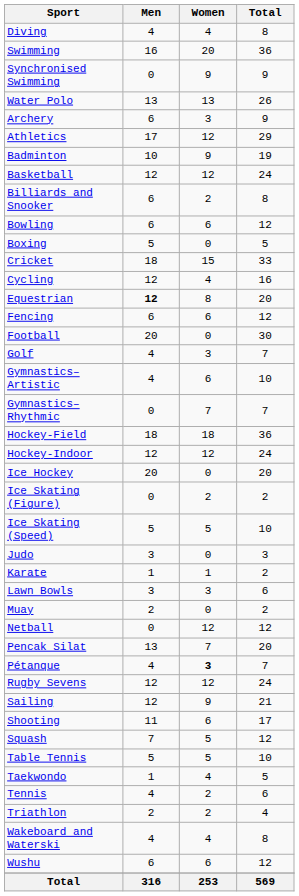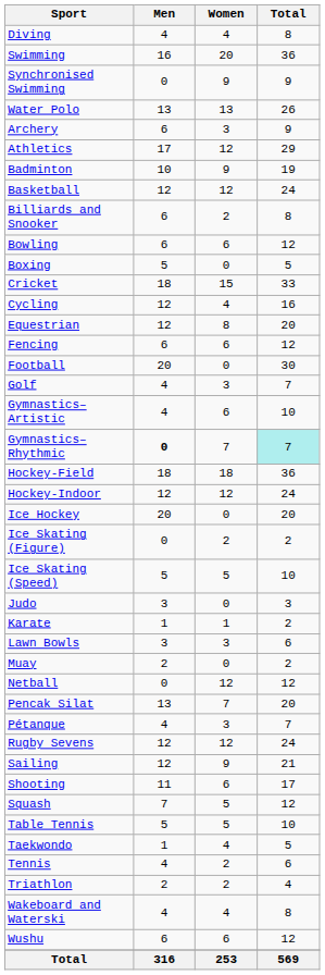 <table class="wikitable sortable" style="font-size:90%; text-align:center;">
 <tr>
 <th width=120>Sport</th>
 <th width=55>Men</th>
 <th width=55>Women</th>
 <th width=55>Total</th>
 </tr>
 <tr>
 <td align=left><a href='#'>Diving</a></td>
 <td>4</td>
 <td>4</td>
 <td>8</td>
 </tr>
 <tr>
 <td align=left><a href='#'>Swimming</a></td>
 <td>16</td>
 <td>20</td>
 <td>36</td>
 </tr>
 <tr>
 <td align=left><a href='#'>Synchronised Swimming</a></td>
 <td>0</td>
 <td>9</td>
 <td>9</td>
 </tr>
 <tr>
 <td align=left><a href='#'>Water Polo</a></td>
 <td>13</td>
 <td>13</td>
 <td>26</td>
 </tr>
 <tr>
 <td align=left><a href='#'>Archery</a></td>
 <td>6</td>
 <td>3</td>
 <td>9</td>
 </tr>
 <tr>
 <td align=left><a href='#'>Athletics</a></td>
 <td>17</td>
 <td>12</td>
 <td>29</td>
 </tr>
 <tr>
 <td align=left><a href='#'>Badminton</a></td>
 <td>10</td>
 <td>9</td>
 <td>19</td>
 </tr>
 <tr>
 <td align=left><a href='#'>Basketball</a></td>
 <td>12</td>
 <td>12</td>
 <td>24</td>
 </tr>
 <tr>
 <td align=left><a href='#'>Billiards and Snooker</a></td>
 <td>6</td>
 <td>2</td>
 <td>8</td>
 </tr>
 <tr>
 <td align=left><a href='#'>Bowling</a></td>
 <td>6</td>
 <td>6</td>
 <td>12</td>
 </tr>
 <tr>
 <td align=left><a href='#'>Boxing</a></td>
 <td>5</td>
 <td>0</td>
 <td>5</td>
 </tr>
 <tr>
 <td align=left><a href='#'>Cricket</a></td>
 <td>18</td>
 <td>15</td>
 <td>33</td>
 </tr>
 <tr>
 <td align=left><a href='#'>Cycling</a></td>
 <td>12</td>
 <td>4</td>
 <td>16</td>
 </tr>
 <tr>
 <td align=left><a href='#'>Equestrian</a></td>
-<td><strong>12</strong></td>
+<td>12</td>
 <td>8</td>
 <td>20</td>
 </tr>
 <tr>
 <td align=left><a href='#'>Fencing</a></td>
 <td>6</td>
 <td>6</td>
 <td>12</td>
 </tr>
 <tr>
 <td align=left><a href='#'>Football</a></td>
 <td>20</td>
 <td>0</td>
 <td>30</td>
 </tr>
 <tr>
 <td align=left><a href='#'>Golf</a></td>
 <td>4</td>
 <td>3</td>
 <td>7</td>
 </tr>
 <tr>
 <td align=left><a href='#'>Gymnastics–Artistic</a></td>
 <td>4</td>
 <td>6</td>
 <td>10</td>
 </tr>
 <tr>
 <td align=left><a href='#'>Gymnastics–Rhythmic</a></td>
-<td>0</td>
+<td><strong>0</strong></td>
 <td>7</td>
-<td>7</td>
+<td style="background: paleturquoise;">7</td>
 </tr>
 <tr>
 <td align=left><a href='#'>Hockey-Field</a></td>
 <td>18</td>
 <td>18</td>
 <td>36</td>
 </tr>
 <tr>
 <td align=left><a href='#'>Hockey-Indoor</a></td>
 <td>12</td>
 <td>12</td>
 <td>24</td>
 </tr>
 <tr>
 <td align=left><a href='#'>Ice Hockey</a></td>
 <td>20</td>
 <td>0</td>
 <td>20</td>
 </tr>
 <tr>
 <td align=left><a href='#'>Ice Skating (Figure)</a></td>
 <td>0</td>
 <td>2</td>
 <td>2</td>
 </tr>
 <tr>
 <td align=left><a href='#'>Ice Skating (Speed)</a></td>
 <td>5</td>
 <td>5</td>
 <td>10</td>
 </tr>
 <tr>
 <td align=left><a href='#'>Judo</a></td>
 <td>3</td>
 <td>0</td>
 <td>3</td>
 </tr>
 <tr>
 <td align=left><a href='#'>Karate</a></td>
 <td>1</td>
 <td>1</td>
 <td>2</td>
 </tr>
 <tr>
 <td align=left><a href='#'>Lawn Bowls</a></td>
 <td>3</td>
 <td>3</td>
 <td>6</td>
 </tr>
 <tr>
 <td align=left><a href='#'>Muay</a></td>
 <td>2</td>
 <td>0</td>
 <td>2</td>
 </tr>
 <tr>
 <td align=left><a href='#'>Netball</a></td>
 <td>0</td>
 <td>12</td>
 <td>12</td>
 </tr>
 <tr>
 <td align=left><a href='#'>Pencak Silat</a></td>
 <td>13</td>
 <td>7</td>
 <td>20</td>
 </tr>
 <tr>
 <td align=left><a href='#'>Pétanque</a></td>
 <td>4</td>
-<td><strong>3</strong></td>
+<td>3</td>
 <td>7</td>
 </tr>
 <tr>
 <td align=left><a href='#'>Rugby Sevens</a></td>
 <td>12</td>
 <td>12</td>
 <td>24</td>
 </tr>
 <tr>
 <td align=left><a href='#'>Sailing</a></td>
 <td>12</td>
 <td>9</td>
 <td>21</td>
 </tr>
 <tr>
 <td align=left><a href='#'>Shooting</a></td>
 <td>11</td>
 <td>6</td>
 <td>17</td>
 </tr>
 <tr>
 <td align=left><a href='#'>Squash</a></td>
 <td>7</td>
 <td>5</td>
 <td>12</td>
 </tr>
 <tr>
 <td align=left><a href='#'>Table Tennis</a></td>
 <td>5</td>
 <td>5</td>
 <td>10</td>
 </tr>
 <tr>
 <td align=left><a href='#'>Taekwondo</a></td>
 <td>1</td>
 <td>4</td>
 <td>5</td>
 </tr>
 <tr>
 <td align=left><a href='#'>Tennis</a></td>
 <td>4</td>
 <td>2</td>
 <td>6</td>
 </tr>
 <tr>
 <td align=left><a href='#'>Triathlon</a></td>
 <td>2</td>
 <td>2</td>
 <td>4</td>
 </tr>
 <tr>
 <td align=left><a href='#'>Wakeboard and Waterski</a></td>
 <td>4</td>
 <td>4</td>
 <td>8</td>
 </tr>
 <tr>
 <td align=left><a href='#'>Wushu</a></td>
 <td>6</td>
 <td>6</td>
 <td>12</td>
 </tr>
 <tr>
 </tr>
 <tr class="sortbottom">
 <th>Total</th>
 <th>316</th>
 <th>253</th>
 <th>569</th>
 </tr>
 </table>
